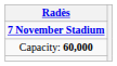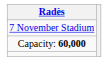 <table class="wikitable" style="margin:auto;text-align:center">
 <tr>
 <th><a href='#'>Radès</a></th>
 <th rowspan="4"></th>
 </tr>
 <tr>
-<td><strong><a href='#'>7 November Stadium</a></strong></td>
+<td><a href='#'>7 November Stadium</a></td>
 </tr>
 <tr>
 <td>Capacity: <strong>60,000</strong></td>
 </tr>
 <tr>
 <td></td>
 </tr>
 </table>
